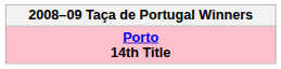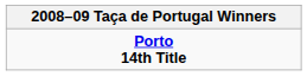 <table class="wikitable" style="text-align: center; margin: 0 auto; width: 20%">
 <tr>
 <th>2008–09 Taça de Portugal Winners</th>
 </tr>
 <tr>
-<td style="background: pink;"><strong><a href='#'>Porto</a></strong><br><strong>14th Title</strong></td>
+<td><strong><a href='#'>Porto</a></strong><br><strong>14th Title</strong></td>
 </tr>
 </table>
